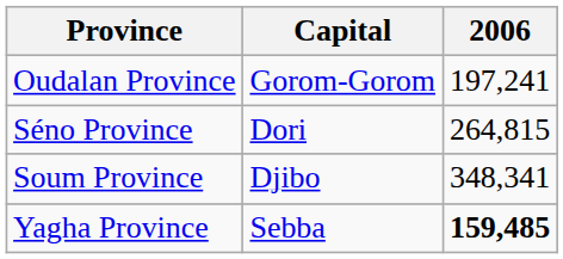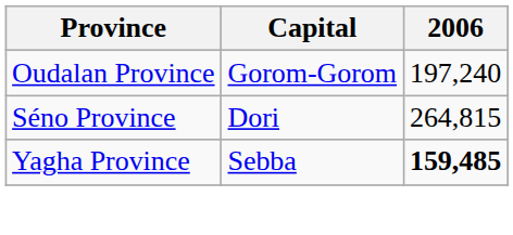 <table class="wikitable" | style="clear:right; float:right;">
 <tr>
 <th>Province</th>
 <th>Capital</th>
 <th>2006</th>
 </tr>
 <tr>
 <td><a href='#'>Oudalan Province</a></td>
 <td><a href='#'>Gorom-Gorom</a></td>
-<td>197,241</td>
+<td>197,240</td>
 </tr>
 <tr>
 <td><a href='#'>Séno Province</a></td>
 <td><a href='#'>Dori</a></td>
 <td>264,815</td>
 </tr>
 <tr>
-<td><a href='#'>Soum Province</a></td>
-<td><a href='#'>Djibo</a></td>
-<td>348,341</td>
-</tr>
-<tr>
 <td><a href='#'>Yagha Province</a></td>
 <td><a href='#'>Sebba</a></td>
 <td><strong>159,485</strong></td>
 </tr>
 </table>
